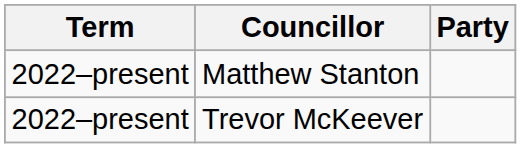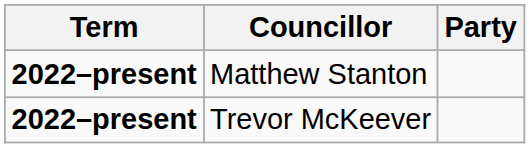 <table class="wikitable">
 <tr>
 <th>Term</th>
 <th>Councillor</th>
 <th colspan=2>Party</th>
 </tr>
 <tr>
-<td>2022–present</td>
+<td><strong>2022–present</strong></td>
 <td>Matthew Stanton</td>
 <td></td>
 </tr>
 <tr>
-<td>2022–present</td>
+<td><strong>2022–present</strong></td>
 <td>Trevor McKeever</td>
 <td></td>
 </tr>
 </table>
